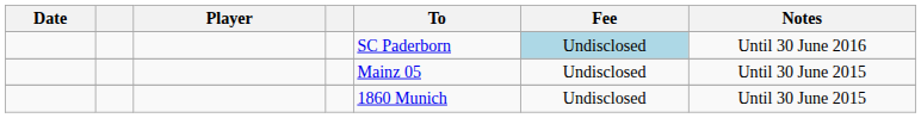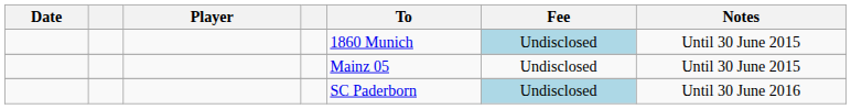 <table class="wikitable sortable">
 <tr>
 <th style="width:80px;">Date</th>
 <th style="width:30px;"></th>
 <th style="width:180px;">Player</th>
 <th style="width:20px;"></th>
 <th style="width:155px;">To</th>
 <th style="width:155px;" class="unsortable">Fee</th>
 <th style="width:215px;" class="unsortable">Notes</th>
 </tr>
 <tr>
 </tr>
 <tr>
 <td></td>
 <td align=center></td>
 <td> </td>
 <td></td>
-<td> <a href='#'>SC Paderborn</a></td>
+<td> <a href='#'>1860 Munich</a></td>
 <td align=center style="background: lightblue;">Undisclosed</td>
-<td align=center>Until 30 June 2016</td>
+<td align=center>Until 30 June 2015</td>
 </tr>
 <tr>
 </tr>
 <tr>
 <td></td>
 <td align=center></td>
 <td> </td>
 <td></td>
 <td> <a href='#'>Mainz 05</a></td>
 <td align=center>Undisclosed</td>
 <td align=center>Until 30 June 2015</td>
 </tr>
 <tr>
 </tr>
 <tr>
 <td></td>
 <td align=center></td>
 <td> </td>
 <td></td>
-<td> <a href='#'>1860 Munich</a></td>
-<td align=center>Undisclosed</td>
-<td align=center>Until 30 June 2015</td>
+<td> <a href='#'>SC Paderborn</a></td>
+<td align=center style="background: lightblue;">Undisclosed</td>
+<td align=center>Until 30 June 2016</td>
 </tr>
 </table>
